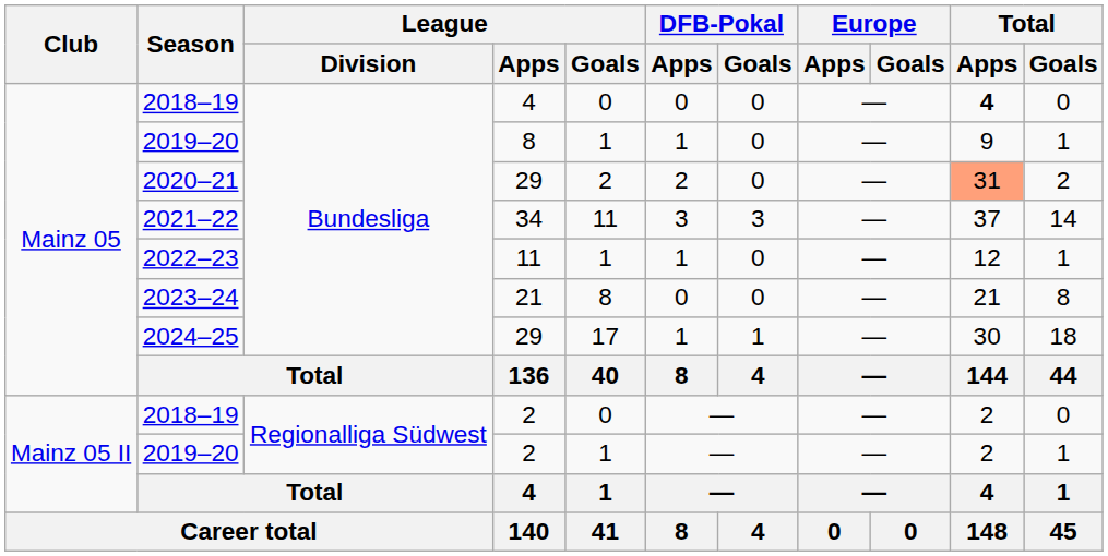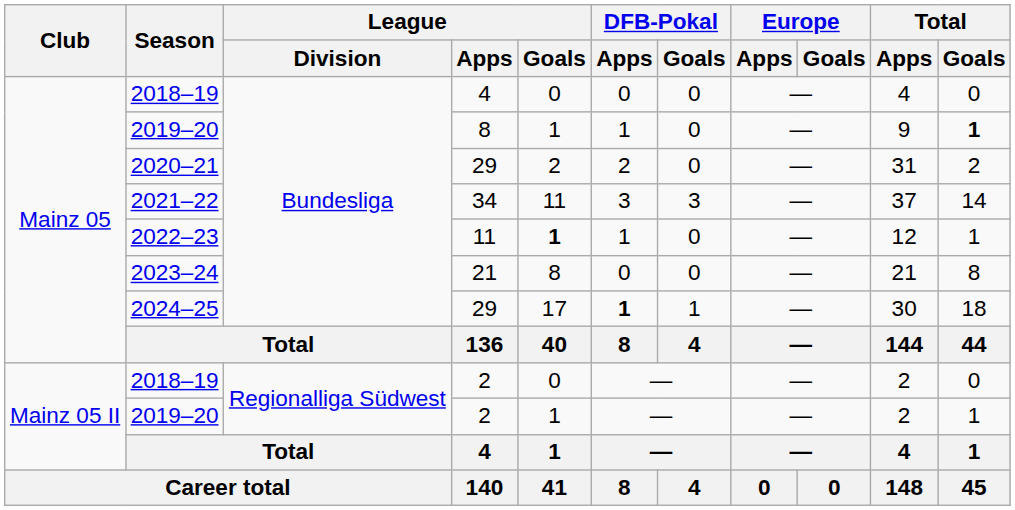 <table class="wikitable" style="text-align:center">
 <tr>
 <th rowspan="2">Club</th>
 <th rowspan="2">Season</th>
 <th colspan="3">League</th>
 <th colspan="2"><a href='#'>DFB-Pokal</a></th>
 <th colspan="2"><a href='#'>Europe</a></th>
 <th colspan="2">Total</th>
 </tr>
 <tr>
 <th>Division</th>
 <th>Apps</th>
 <th>Goals</th>
 <th>Apps</th>
 <th>Goals</th>
 <th>Apps</th>
 <th>Goals</th>
 <th>Apps</th>
 <th>Goals</th>
 </tr>
 <tr>
 <td rowspan="8"><a href='#'>Mainz 05</a></td>
 <td><a href='#'>2018–19</a></td>
 <td rowspan="7"><a href='#'>Bundesliga</a></td>
 <td>4</td>
 <td>0</td>
 <td>0</td>
 <td>0</td>
 <td colspan="2">—</td>
-<td><strong>4</strong></td>
+<td>4</td>
 <td>0</td>
 </tr>
 <tr>
 <td><a href='#'>2019–20</a></td>
 <td>8</td>
 <td>1</td>
 <td>1</td>
 <td>0</td>
 <td colspan="2">—</td>
 <td>9</td>
-<td>1</td>
+<td><strong>1</strong></td>
 </tr>
 <tr>
 <td><a href='#'>2020–21</a></td>
 <td>29</td>
 <td>2</td>
 <td>2</td>
 <td>0</td>
 <td colspan="2">—</td>
-<td style="background: lightsalmon;">31</td>
+<td>31</td>
 <td>2</td>
 </tr>
 <tr>
 <td><a href='#'>2021–22</a></td>
 <td>34</td>
 <td>11</td>
 <td>3</td>
 <td>3</td>
 <td colspan="2">—</td>
 <td>37</td>
 <td>14</td>
 </tr>
 <tr>
 <td><a href='#'>2022–23</a></td>
 <td>11</td>
-<td>1</td>
+<td><strong>1</strong></td>
 <td>1</td>
 <td>0</td>
 <td colspan="2">—</td>
 <td>12</td>
 <td>1</td>
 </tr>
 <tr>
 <td><a href='#'>2023–24</a></td>
 <td>21</td>
 <td>8</td>
 <td>0</td>
 <td>0</td>
 <td colspan="2">—</td>
 <td>21</td>
 <td>8</td>
 </tr>
 <tr>
 <td><a href='#'>2024–25</a></td>
 <td>29</td>
 <td>17</td>
-<td>1</td>
+<td><strong>1</strong></td>
 <td>1</td>
 <td colspan="2">—</td>
 <td>30</td>
 <td>18</td>
 </tr>
 <tr>
 <th colspan="2">Total</th>
 <th>136</th>
 <th>40</th>
 <th>8</th>
 <th>4</th>
 <th colspan="2">—</th>
 <th>144</th>
 <th>44</th>
 </tr>
 <tr>
 <td rowspan="3"><a href='#'>Mainz 05 II</a></td>
 <td><a href='#'>2018–19</a></td>
 <td rowspan="2"><a href='#'>Regionalliga Südwest</a></td>
 <td>2</td>
 <td>0</td>
 <td colspan="2">—</td>
 <td colspan="2">—</td>
 <td>2</td>
 <td>0</td>
 </tr>
 <tr>
 <td><a href='#'>2019–20</a></td>
 <td>2</td>
 <td>1</td>
 <td colspan="2">—</td>
 <td colspan="2">—</td>
 <td>2</td>
 <td>1</td>
 </tr>
 <tr>
 <th colspan="2">Total</th>
 <th>4</th>
 <th>1</th>
 <th colspan="2">—</th>
 <th colspan="2">—</th>
 <th>4</th>
 <th>1</th>
 </tr>
 <tr>
 <th colspan="3">Career total</th>
 <th>140</th>
 <th>41</th>
 <th>8</th>
 <th>4</th>
 <th>0</th>
 <th>0</th>
 <th>148</th>
 <th>45</th>
 </tr>
 </table>
